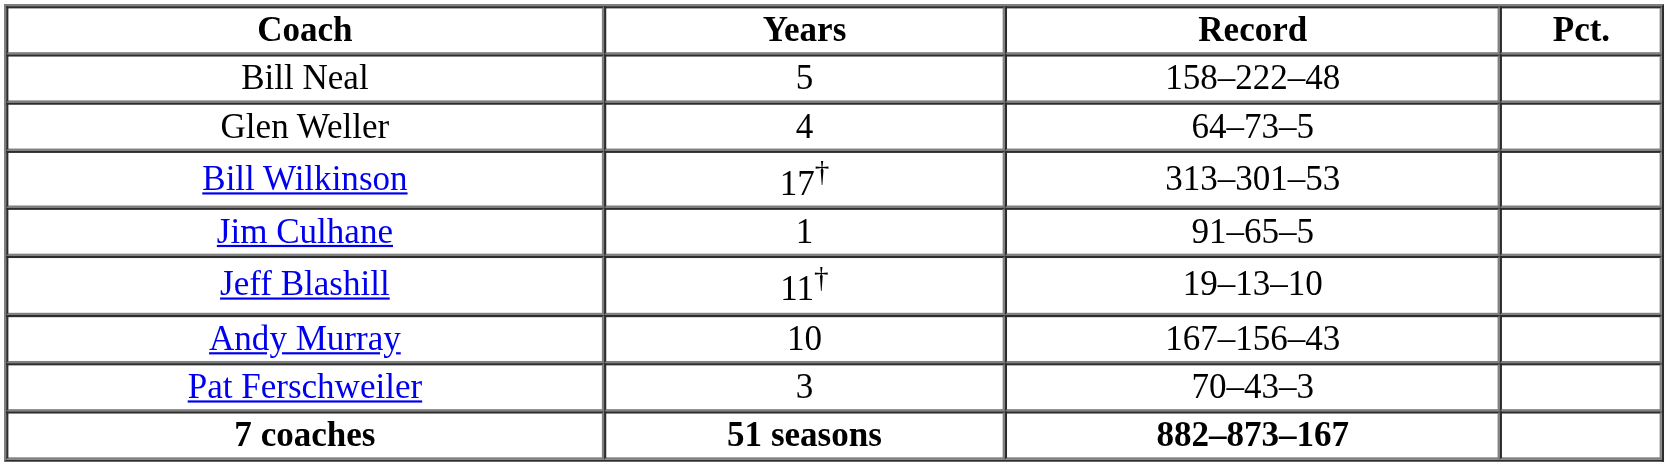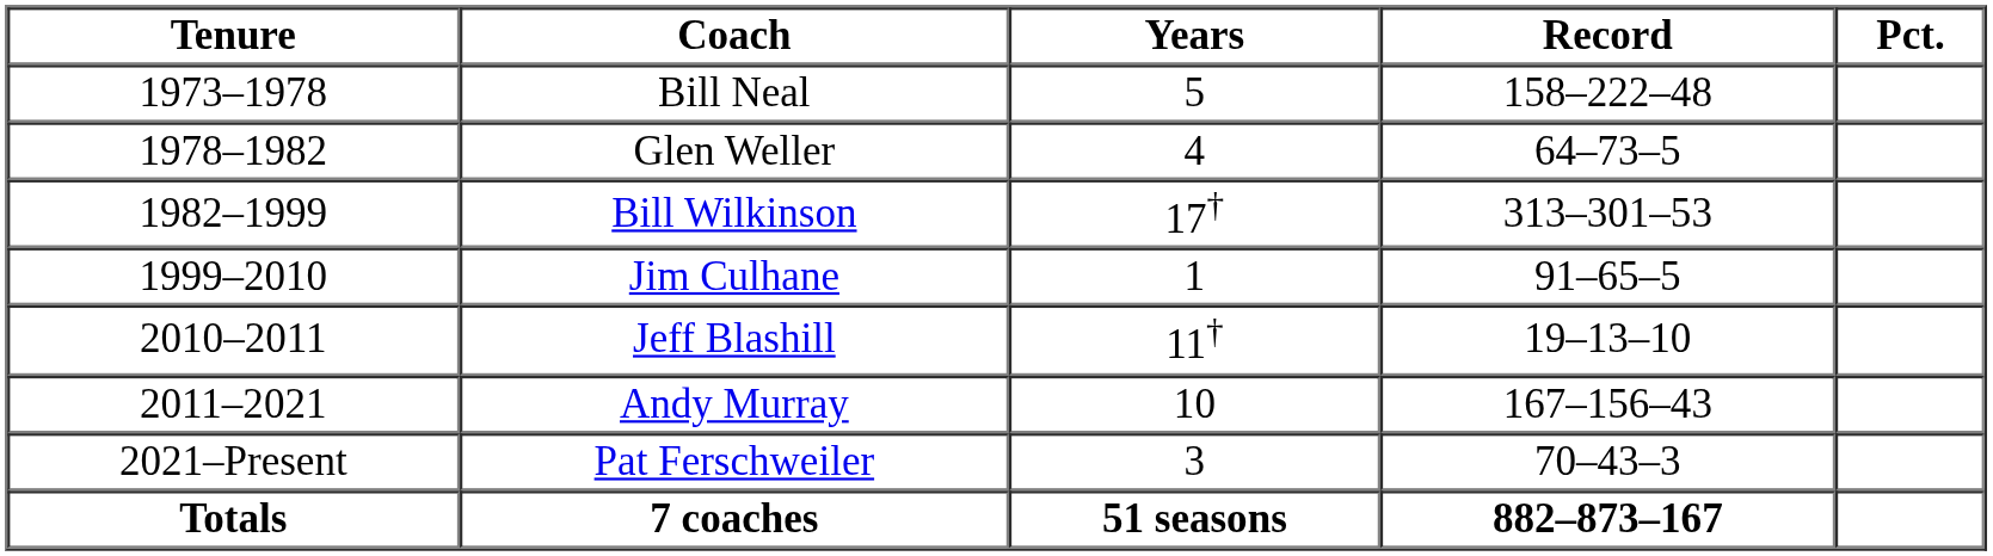 <table cellpadding="1" border="1" cellspacing="0"  style="width:60%; text-align:center;">
 <tr>
+<th>Tenure</th>
 <th>Coach</th>
 <th>Years</th>
 <th>Record</th>
 <th>Pct.</th>
 </tr>
 <tr>
+<td>1973–1978</td>
 <td>Bill Neal</td>
 <td>5</td>
 <td>158–222–48</td>
 <td></td>
 </tr>
 <tr>
+<td>1978–1982</td>
 <td>Glen Weller</td>
 <td>4</td>
 <td>64–73–5</td>
 <td></td>
 </tr>
 <tr>
+<td>1982–1999</td>
 <td><a href='#'>Bill Wilkinson</a></td>
 <td>17<sup>†</sup></td>
 <td>313–301–53</td>
 <td></td>
 </tr>
 <tr>
+<td>1999–2010</td>
 <td><a href='#'>Jim Culhane</a></td>
 <td>1</td>
 <td>91–65–5</td>
 <td></td>
 </tr>
 <tr>
+<td>2010–2011</td>
 <td><a href='#'>Jeff Blashill</a></td>
 <td>11<sup>†</sup></td>
 <td>19–13–10</td>
 <td></td>
 </tr>
 <tr>
+<td>2011–2021</td>
 <td><a href='#'>Andy Murray</a></td>
 <td>10</td>
 <td>167–156–43</td>
 <td></td>
 </tr>
 <tr>
+<td>2021–Present</td>
 <td><a href='#'>Pat Ferschweiler</a></td>
 <td>3</td>
 <td>70–43–3</td>
 <td></td>
 </tr>
 <tr>
+<th>Totals</th>
 <th>7 coaches</th>
 <th>51 seasons</th>
 <th>882–873–167</th>
 <th></th>
 </tr>
 </table>
